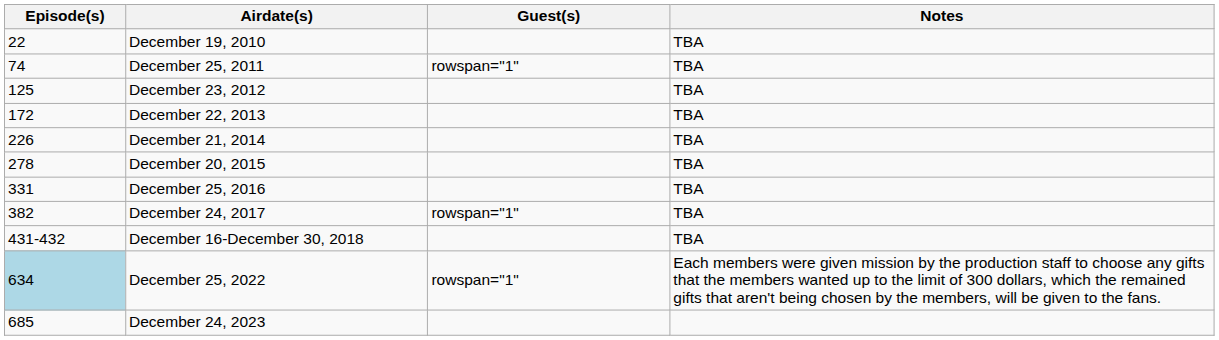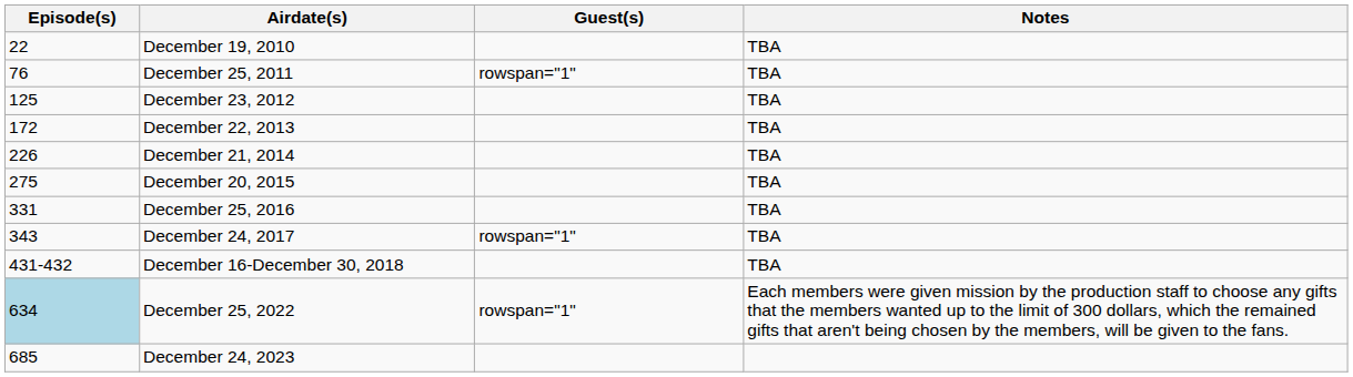 <table class="wikitable">
 <tr>
 <th style="width:10%;">Episode(s)</th>
 <th style="width:25%;">Airdate(s)</th>
 <th style="width:20%;">Guest(s)</th>
 <th style="width:55%;">Notes</th>
 </tr>
 <tr>
 <td>22</td>
 <td>December 19, 2010</td>
 <td></td>
 <td>TBA</td>
 </tr>
 <tr>
-<td>74</td>
+<td>76</td>
 <td>December 25, 2011</td>
 <td>rowspan="1" </td>
 <td>TBA</td>
 </tr>
 <tr>
 <td>125</td>
 <td>December 23, 2012</td>
 <td></td>
 <td>TBA</td>
 </tr>
 <tr>
 <td>172</td>
 <td>December 22, 2013</td>
 <td></td>
 <td>TBA</td>
 </tr>
 <tr>
 <td>226</td>
 <td>December 21, 2014</td>
 <td></td>
 <td>TBA</td>
 </tr>
 <tr>
-<td>278</td>
+<td>275</td>
 <td>December 20, 2015</td>
 <td></td>
 <td>TBA</td>
 </tr>
 <tr>
 <td>331</td>
 <td>December 25, 2016</td>
 <td></td>
 <td>TBA</td>
 </tr>
 <tr>
-<td>382</td>
+<td>343</td>
 <td>December 24, 2017</td>
 <td>rowspan="1" </td>
 <td>TBA</td>
 </tr>
 <tr>
 <td>431-432</td>
 <td>December 16-December 30, 2018</td>
 <td></td>
 <td>TBA</td>
 </tr>
 <tr>
 <td style="background: lightblue;">634</td>
 <td>December 25, 2022</td>
 <td>rowspan="1" </td>
 <td>Each members were given mission by the production staff to choose any gifts that the members wanted up to the limit of 300 dollars, which the remained gifts that aren't being chosen by the members, will be given to the fans.</td>
 </tr>
 <tr>
 <td>685</td>
 <td>December 24, 2023</td>
 <td></td>
 <td></td>
 </tr>
 </table>
